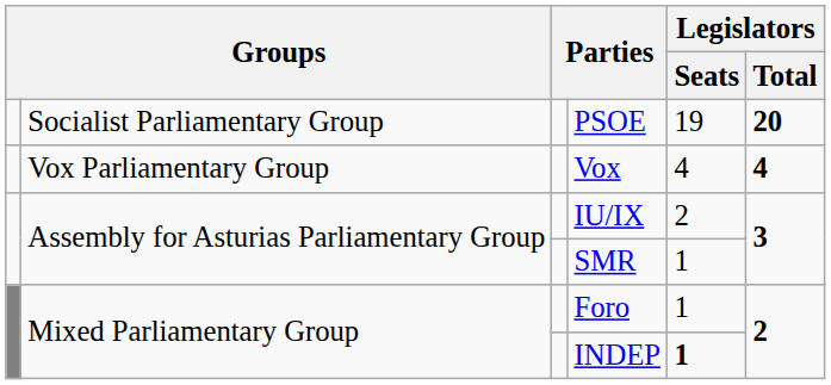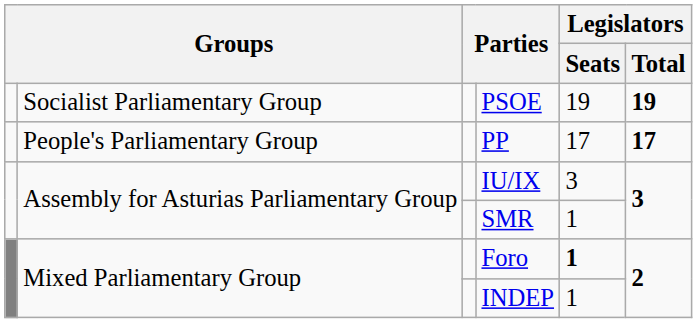 <table class="wikitable" style="text-align:left;">
 <tr>
 <th rowspan="2" colspan="2">Groups</th>
 <th rowspan="2" colspan="2">Parties</th>
 <th colspan="2">Legislators</th>
 </tr>
 <tr>
 <th>Seats</th>
 <th>Total</th>
 </tr>
 <tr>
 <td width="1" style="color:inherit;background:"></td>
 <td>Socialist Parliamentary Group</td>
 <td width="1" style="color:inherit;background:"></td>
 <td align="left"><a href='#'>PSOE</a></td>
 <td>19</td>
-<td><strong>20</strong></td>
+<td><strong>19</strong></td>
 </tr>
 <tr>
 <td style="color:inherit;background:"></td>
-<td>Vox Parliamentary Group</td>
+<td>People's Parliamentary Group</td>
 <td style="color:inherit;background:"></td>
-<td align="left"><a href='#'>Vox</a></td>
-<td>4</td>
-<td><strong>4</strong></td>
+<td align="left"><a href='#'>PP</a></td>
+<td>17</td>
+<td><strong>17</strong></td>
 </tr>
 <tr>
 <td rowspan="2" style="color:inherit;background:"></td>
 <td rowspan="2">Assembly for Asturias Parliamentary Group</td>
 <td style="color:inherit;background:"></td>
 <td align="left"><a href='#'>IU/IX</a></td>
-<td>2</td>
+<td>3</td>
 <td rowspan="2"><strong>3</strong></td>
 </tr>
 <tr>
 <td style="color:inherit;background:"></td>
 <td align="left"><a href='#'>SMR</a></td>
 <td>1</td>
 </tr>
 <tr>
 <td rowspan="2" bgcolor="gray"></td>
 <td rowspan="2">Mixed Parliamentary Group</td>
 <td style="color:inherit;background:"></td>
 <td align="left"><a href='#'>Foro</a></td>
-<td>1</td>
+<td><strong>1</strong></td>
 <td rowspan="2"><strong>2</strong></td>
 </tr>
 <tr>
 <td style="color:inherit;background:"></td>
 <td><a href='#'>INDEP</a></td>
-<td><strong>1</strong></td>
+<td>1</td>
 </tr>
 </table>
